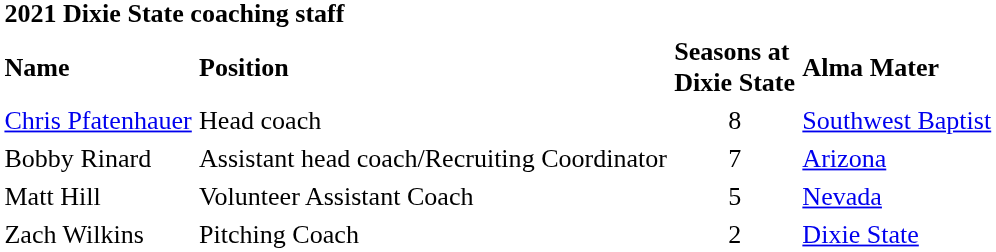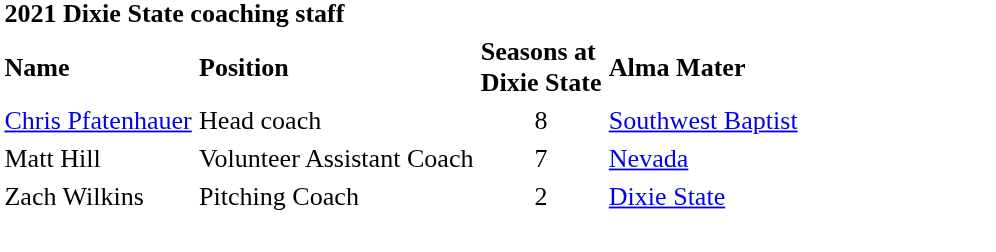 <table class="toccolours" style="text-align: left; font-size:90%;">
 <tr>
 <th colspan="4">2021 Dixie State coaching staff</th>
 </tr>
 <tr>
 <th>Name</th>
 <th>Position</th>
 <th>Seasons at<br>Dixie State</th>
 <th>Alma Mater</th>
 </tr>
 <tr>
 <td><a href='#'>Chris Pfatenhauer</a></td>
 <td>Head coach</td>
 <td align=center>8</td>
 <td><a href='#'>Southwest Baptist</a></td>
 </tr>
 <tr>
-<td>Bobby Rinard</td>
-<td>Assistant head coach/Recruiting Coordinator</td>
-<td align=center>7</td>
-<td><a href='#'>Arizona</a></td>
-</tr>
-<tr>
 <td>Matt Hill</td>
 <td>Volunteer Assistant Coach</td>
-<td align=center>5</td>
+<td align=center>7</td>
 <td><a href='#'>Nevada</a></td>
 </tr>
 <tr>
 <td>Zach Wilkins</td>
 <td>Pitching Coach</td>
 <td align=center>2</td>
 <td><a href='#'>Dixie State</a></td>
 </tr>
 </table>
